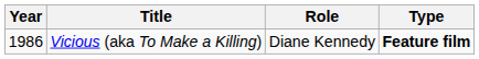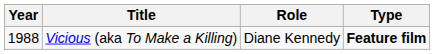 <table class="wikitable">
 <tr>
 <th>Year</th>
 <th>Title</th>
 <th>Role</th>
 <th>Type</th>
 </tr>
 <tr>
-<td>1986</td>
+<td>1988</td>
 <td><em><a href='#'>Vicious</a></em> (aka <em>To Make a Killing</em>)</td>
 <td>Diane Kennedy</td>
 <td><strong>Feature film</strong></td>
 </tr>
 </table>
